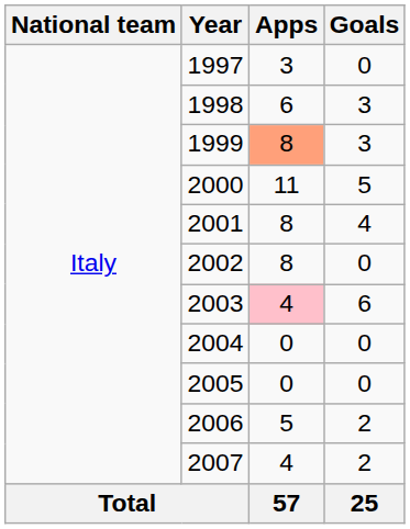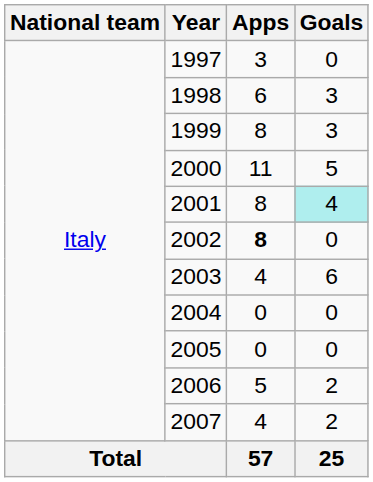 <table class="wikitable" style="text-align:center">
 <tr>
 <th>National team</th>
 <th>Year</th>
 <th width="40">Apps</th>
 <th width="40">Goals</th>
 </tr>
 <tr>
 <td rowspan="11"><a href='#'>Italy</a></td>
 <td>1997</td>
 <td>3</td>
 <td>0</td>
 </tr>
 <tr>
 <td>1998</td>
 <td>6</td>
 <td>3</td>
 </tr>
 <tr>
 <td>1999</td>
-<td style="background: lightsalmon;">8</td>
+<td>8</td>
 <td>3</td>
 </tr>
 <tr>
 <td>2000</td>
 <td>11</td>
 <td>5</td>
 </tr>
 <tr>
 <td>2001</td>
 <td>8</td>
-<td>4</td>
+<td style="background: paleturquoise;">4</td>
 </tr>
 <tr>
 <td>2002</td>
-<td>8</td>
+<td><strong>8</strong></td>
 <td>0</td>
 </tr>
 <tr>
 <td>2003</td>
-<td style="background: pink;">4</td>
+<td>4</td>
 <td>6</td>
 </tr>
 <tr>
 <td>2004</td>
 <td>0</td>
 <td>0</td>
 </tr>
 <tr>
 <td>2005</td>
 <td>0</td>
 <td>0</td>
 </tr>
 <tr>
 <td>2006</td>
 <td>5</td>
 <td>2</td>
 </tr>
 <tr>
 <td>2007</td>
 <td>4</td>
 <td>2</td>
 </tr>
 <tr>
 <th colspan="2">Total</th>
 <th>57</th>
 <th>25</th>
 </tr>
 </table>
